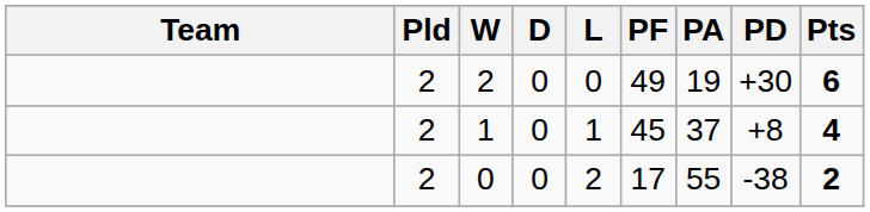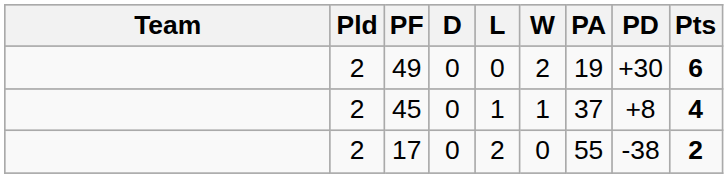 <table class="wikitable" style="text-align:center;">
 <tr>
 <th width="190">Team</th>
 <th width="20" abbr="Played">Pld</th>
-<th width="20" abbr="Won">W</th>
+<th width="20" abbr="Points for">PF</th>
 <th width="20" abbr="Drawn">D</th>
 <th width="20" abbr="Lost">L</th>
-<th width="20" abbr="Points for">PF</th>
+<th width="20" abbr="Won">W</th>
 <th width="20" abbr="Points against">PA</th>
 <th width="25" abbr="Points difference">PD</th>
 <th width="20" abbr="Points">Pts</th>
 </tr>
 <tr style="background:">
 <td align="left"></td>
 <td>2</td>
-<td>2</td>
+<td>49</td>
 <td>0</td>
 <td>0</td>
-<td>49</td>
+<td>2</td>
 <td>19</td>
 <td>+30</td>
 <td><strong>6</strong></td>
 </tr>
 <tr style="background:">
 <td align="left"></td>
 <td>2</td>
-<td>1</td>
+<td>45</td>
 <td>0</td>
 <td>1</td>
-<td>45</td>
+<td>1</td>
 <td>37</td>
 <td>+8</td>
 <td><strong>4</strong></td>
 </tr>
 <tr>
 <td align="left"></td>
 <td>2</td>
-<td>0</td>
+<td>17</td>
 <td>0</td>
 <td>2</td>
-<td>17</td>
+<td>0</td>
 <td>55</td>
 <td>-38</td>
 <td><strong>2</strong></td>
 </tr>
 </table>
